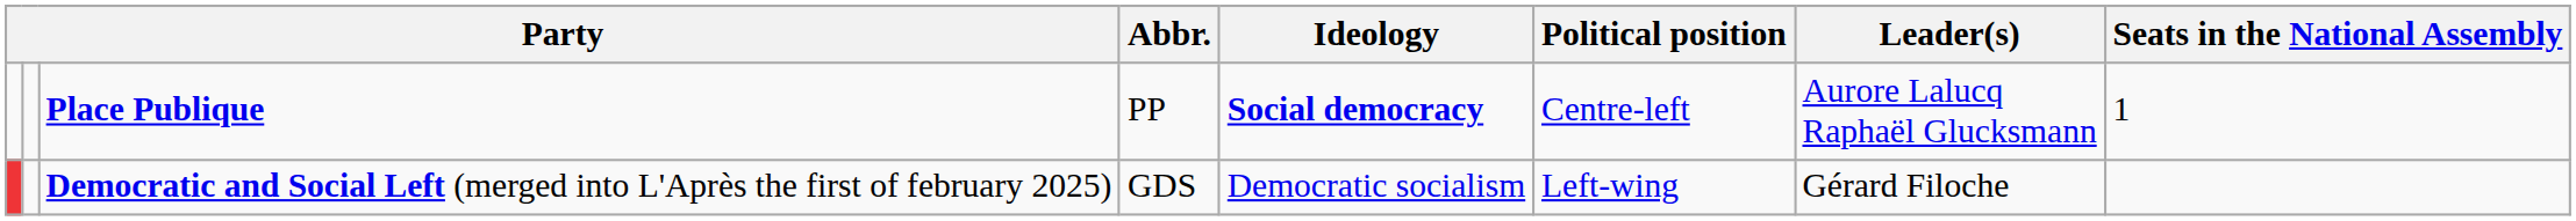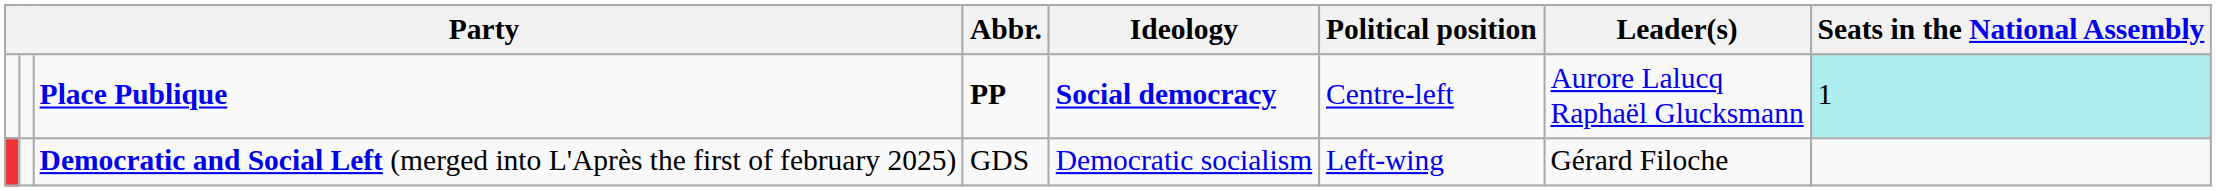 <table class="wikitable" style="font-size:90%">
 <tr>
 <th colspan="3">Party</th>
 <th>Abbr.</th>
 <th>Ideology</th>
 <th>Political position</th>
 <th>Leader(s)</th>
 <th>Seats in the <a href='#'>National Assembly</a></th>
 </tr>
 <tr>
 <td style="background-color:"></td>
 <td align="center"></td>
 <td><strong><a href='#'>Place Publique</a></strong></td>
-<td>PP</td>
+<td><strong>PP</strong></td>
 <td><strong><a href='#'>Social democracy</a></strong></td>
 <td><a href='#'>Centre-left</a></td>
 <td><a href='#'>Aurore Lalucq</a><br><a href='#'>Raphaël Glucksmann</a></td>
-<td>1</td>
+<td style="background: paleturquoise;">1</td>
 </tr>
 <tr>
 <td style="background-color:#EF3437"></td>
 <td align="center"></td>
 <td><strong><a href='#'>Democratic and Social Left</a></strong> (merged into L'Après the first of february 2025)</td>
 <td>GDS</td>
 <td><a href='#'>Democratic socialism</a></td>
 <td><a href='#'>Left-wing</a></td>
 <td>Gérard Filoche</td>
 <td></td>
 </tr>
 </table>
